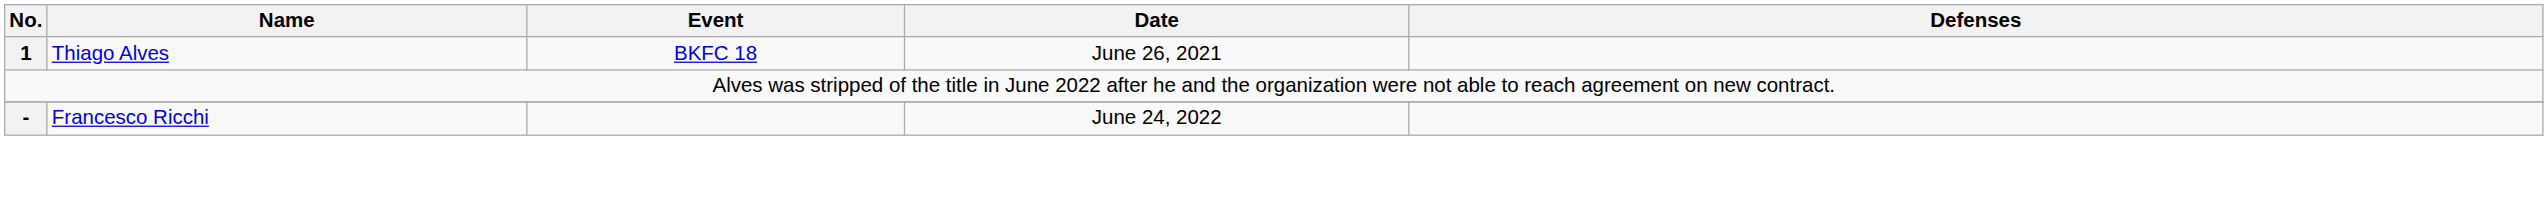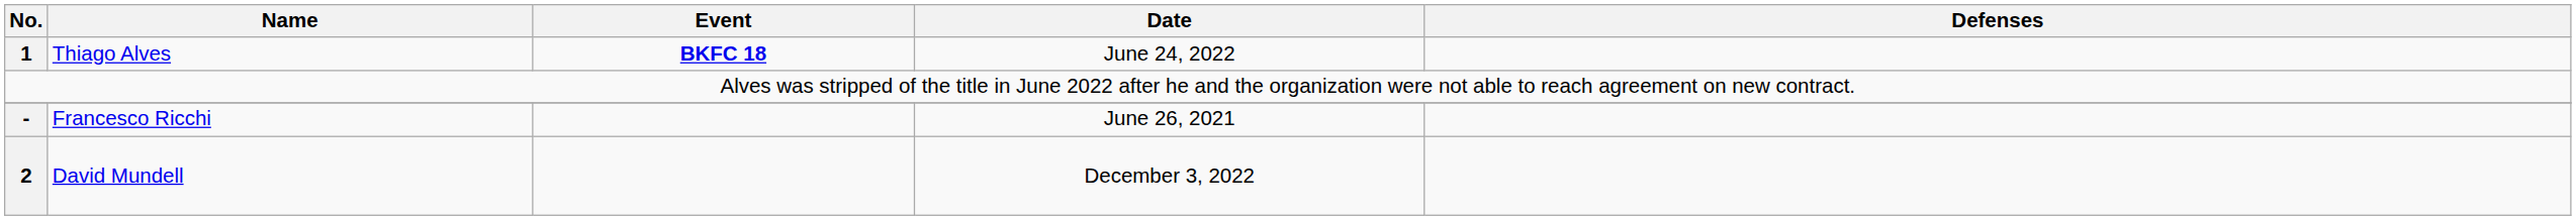 <table class="wikitable" width=100%>
 <tr>
 <th width=1%>No.</th>
 <th width=19%>Name</th>
 <th width=15%>Event</th>
 <th width=20%>Date</th>
 <th width=45%>Defenses</th>
 </tr>
 <tr>
 <th>1</th>
 <td align=left> <a href='#'>Thiago Alves</a> <br></td>
-<td align=center><a href='#'>BKFC 18</a><br></td>
-<td align=center>June 26, 2021</td>
+<td align=center><strong><a href='#'>BKFC 18</a><br></strong></td>
+<td align=center>June 24, 2022</td>
 <td></td>
 </tr>
 <tr>
 <td colspan=5 align=center>Alves was stripped of the title in June 2022 after he and the organization were not able to reach agreement on new contract.</td>
 </tr>
 <tr>
 </tr>
 <tr>
 <th>-</th>
 <td align=left> <a href='#'>Francesco Ricchi</a><br></td>
 <td align=center><br></td>
-<td align=center>June 24, 2022</td>
+<td align=center>June 26, 2021</td>
 <td></td>
 </tr>
+<tr>
+<th>2</th>
+<td align=left> <a href='#'>David Mundell</a><br></td>
+<td align=center><br></td>
+<td align=center>December 3, 2022</td>
+<td><br><br> <br> </td>
+</tr>
 </table>
